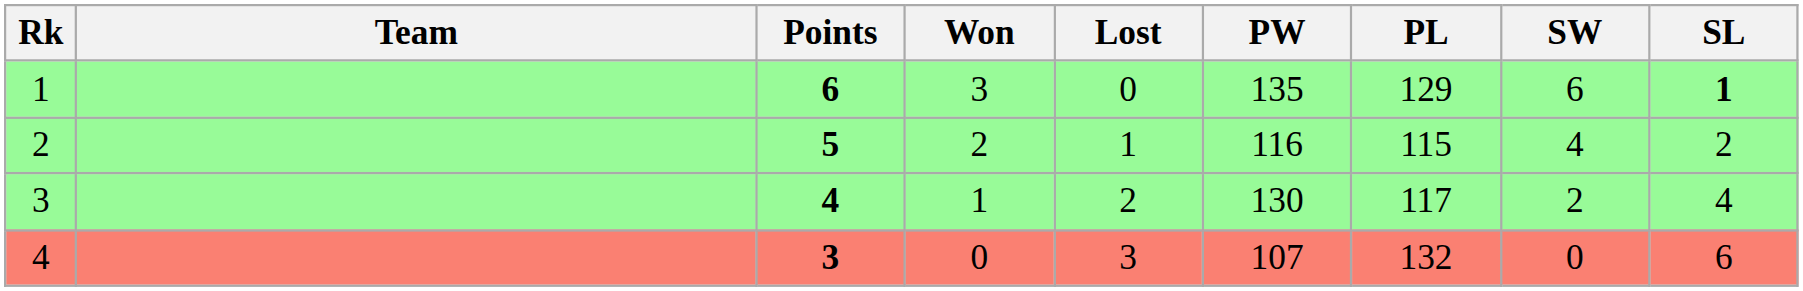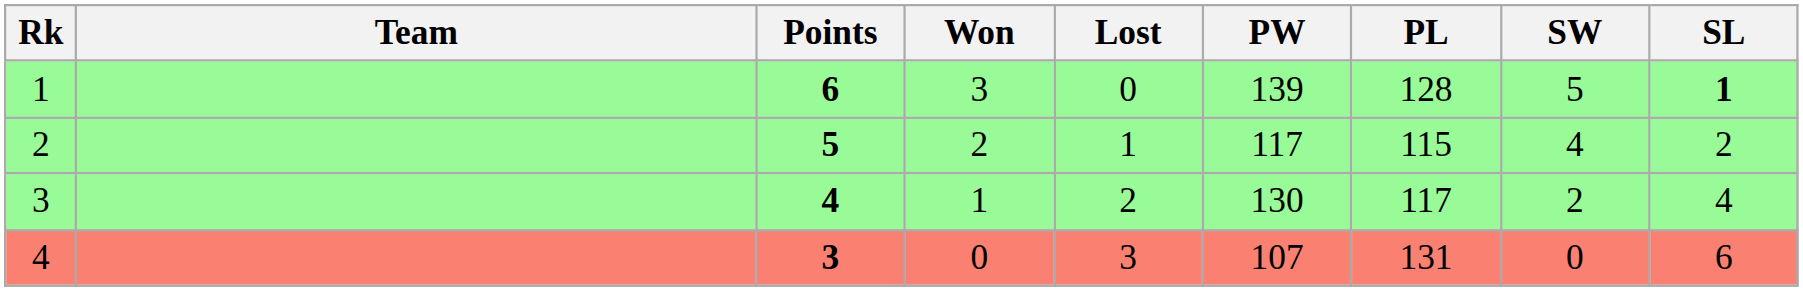 <table class=wikitable style=text-align:center>
 <tr>
 <th width=25>Rk</th>
 <th width=300>Team</th>
 <th width=60>Points</th>
 <th width=60>Won</th>
 <th width=60>Lost</th>
 <th width=60>PW</th>
 <th width=60>PL</th>
 <th width=60>SW</th>
 <th width=60>SL</th>
 </tr>
 <tr bgcolor="98fb98">
 <td>1</td>
 <td align=left></td>
 <td><strong>6</strong></td>
 <td>3</td>
 <td>0</td>
-<td>135</td>
-<td>129</td>
-<td>6</td>
+<td>139</td>
+<td>128</td>
+<td>5</td>
 <td><strong>1</strong></td>
 </tr>
 <tr bgcolor="98fb98">
 <td>2</td>
 <td align=left></td>
 <td><strong>5</strong></td>
 <td>2</td>
 <td>1</td>
-<td>116</td>
+<td>117</td>
 <td>115</td>
 <td>4</td>
 <td>2</td>
 </tr>
 <tr bgcolor="98fb98">
 <td>3</td>
 <td align=left></td>
 <td><strong>4</strong></td>
 <td>1</td>
 <td>2</td>
 <td>130</td>
 <td>117</td>
 <td>2</td>
 <td>4</td>
 </tr>
 <tr style="background: salmon">
 <td>4</td>
 <td align=left></td>
 <td><strong>3</strong></td>
 <td>0</td>
 <td>3</td>
 <td>107</td>
-<td>132</td>
+<td>131</td>
 <td>0</td>
 <td>6</td>
 </tr>
 </table>
